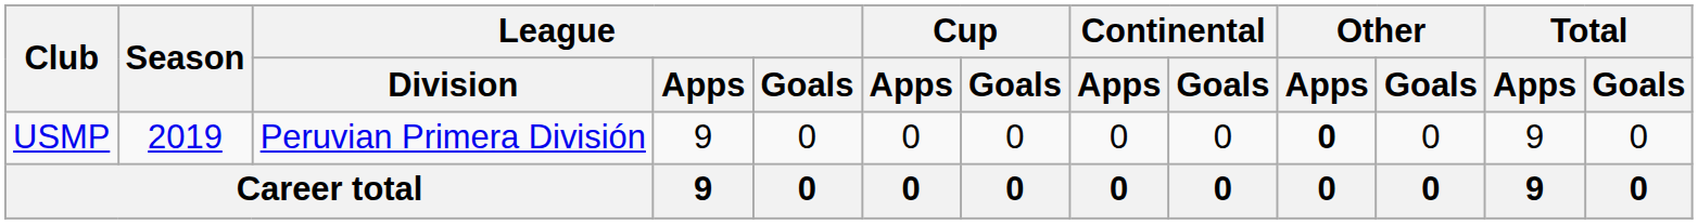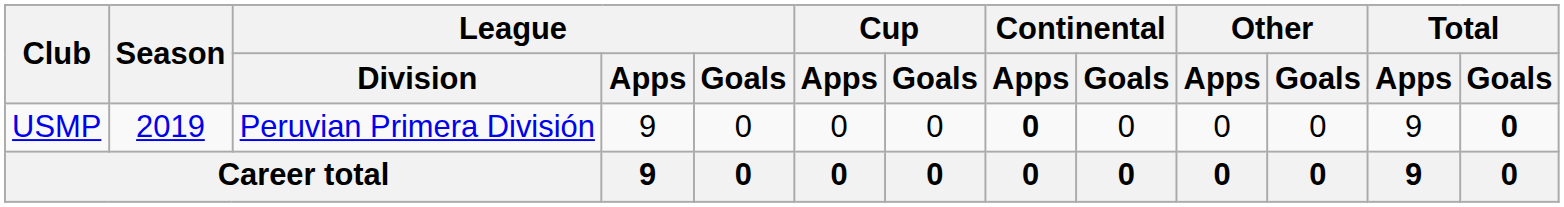 <table class="wikitable" style="text-align: center">
 <tr>
 <th rowspan="2">Club</th>
 <th rowspan="2">Season</th>
 <th colspan="3">League</th>
 <th colspan="2">Cup</th>
 <th colspan="2">Continental</th>
 <th colspan="2">Other</th>
 <th colspan="2">Total</th>
 </tr>
 <tr>
 <th>Division</th>
 <th>Apps</th>
 <th>Goals</th>
 <th>Apps</th>
 <th>Goals</th>
 <th>Apps</th>
 <th>Goals</th>
 <th>Apps</th>
 <th>Goals</th>
 <th>Apps</th>
 <th>Goals</th>
 </tr>
 <tr>
 <td><a href='#'>USMP</a></td>
 <td><a href='#'>2019</a></td>
 <td><a href='#'>Peruvian Primera División</a></td>
 <td>9</td>
 <td>0</td>
 <td>0</td>
 <td>0</td>
+<td><strong>0</strong></td>
 <td>0</td>
 <td>0</td>
-<td><strong>0</strong></td>
 <td>0</td>
 <td>9</td>
-<td>0</td>
+<td><strong>0</strong></td>
 </tr>
 <tr>
 <th colspan="3"><strong>Career total</strong></th>
 <th>9</th>
 <th>0</th>
 <th>0</th>
 <th>0</th>
 <th>0</th>
 <th>0</th>
 <th>0</th>
 <th>0</th>
 <th>9</th>
 <th>0</th>
 </tr>
 </table>
